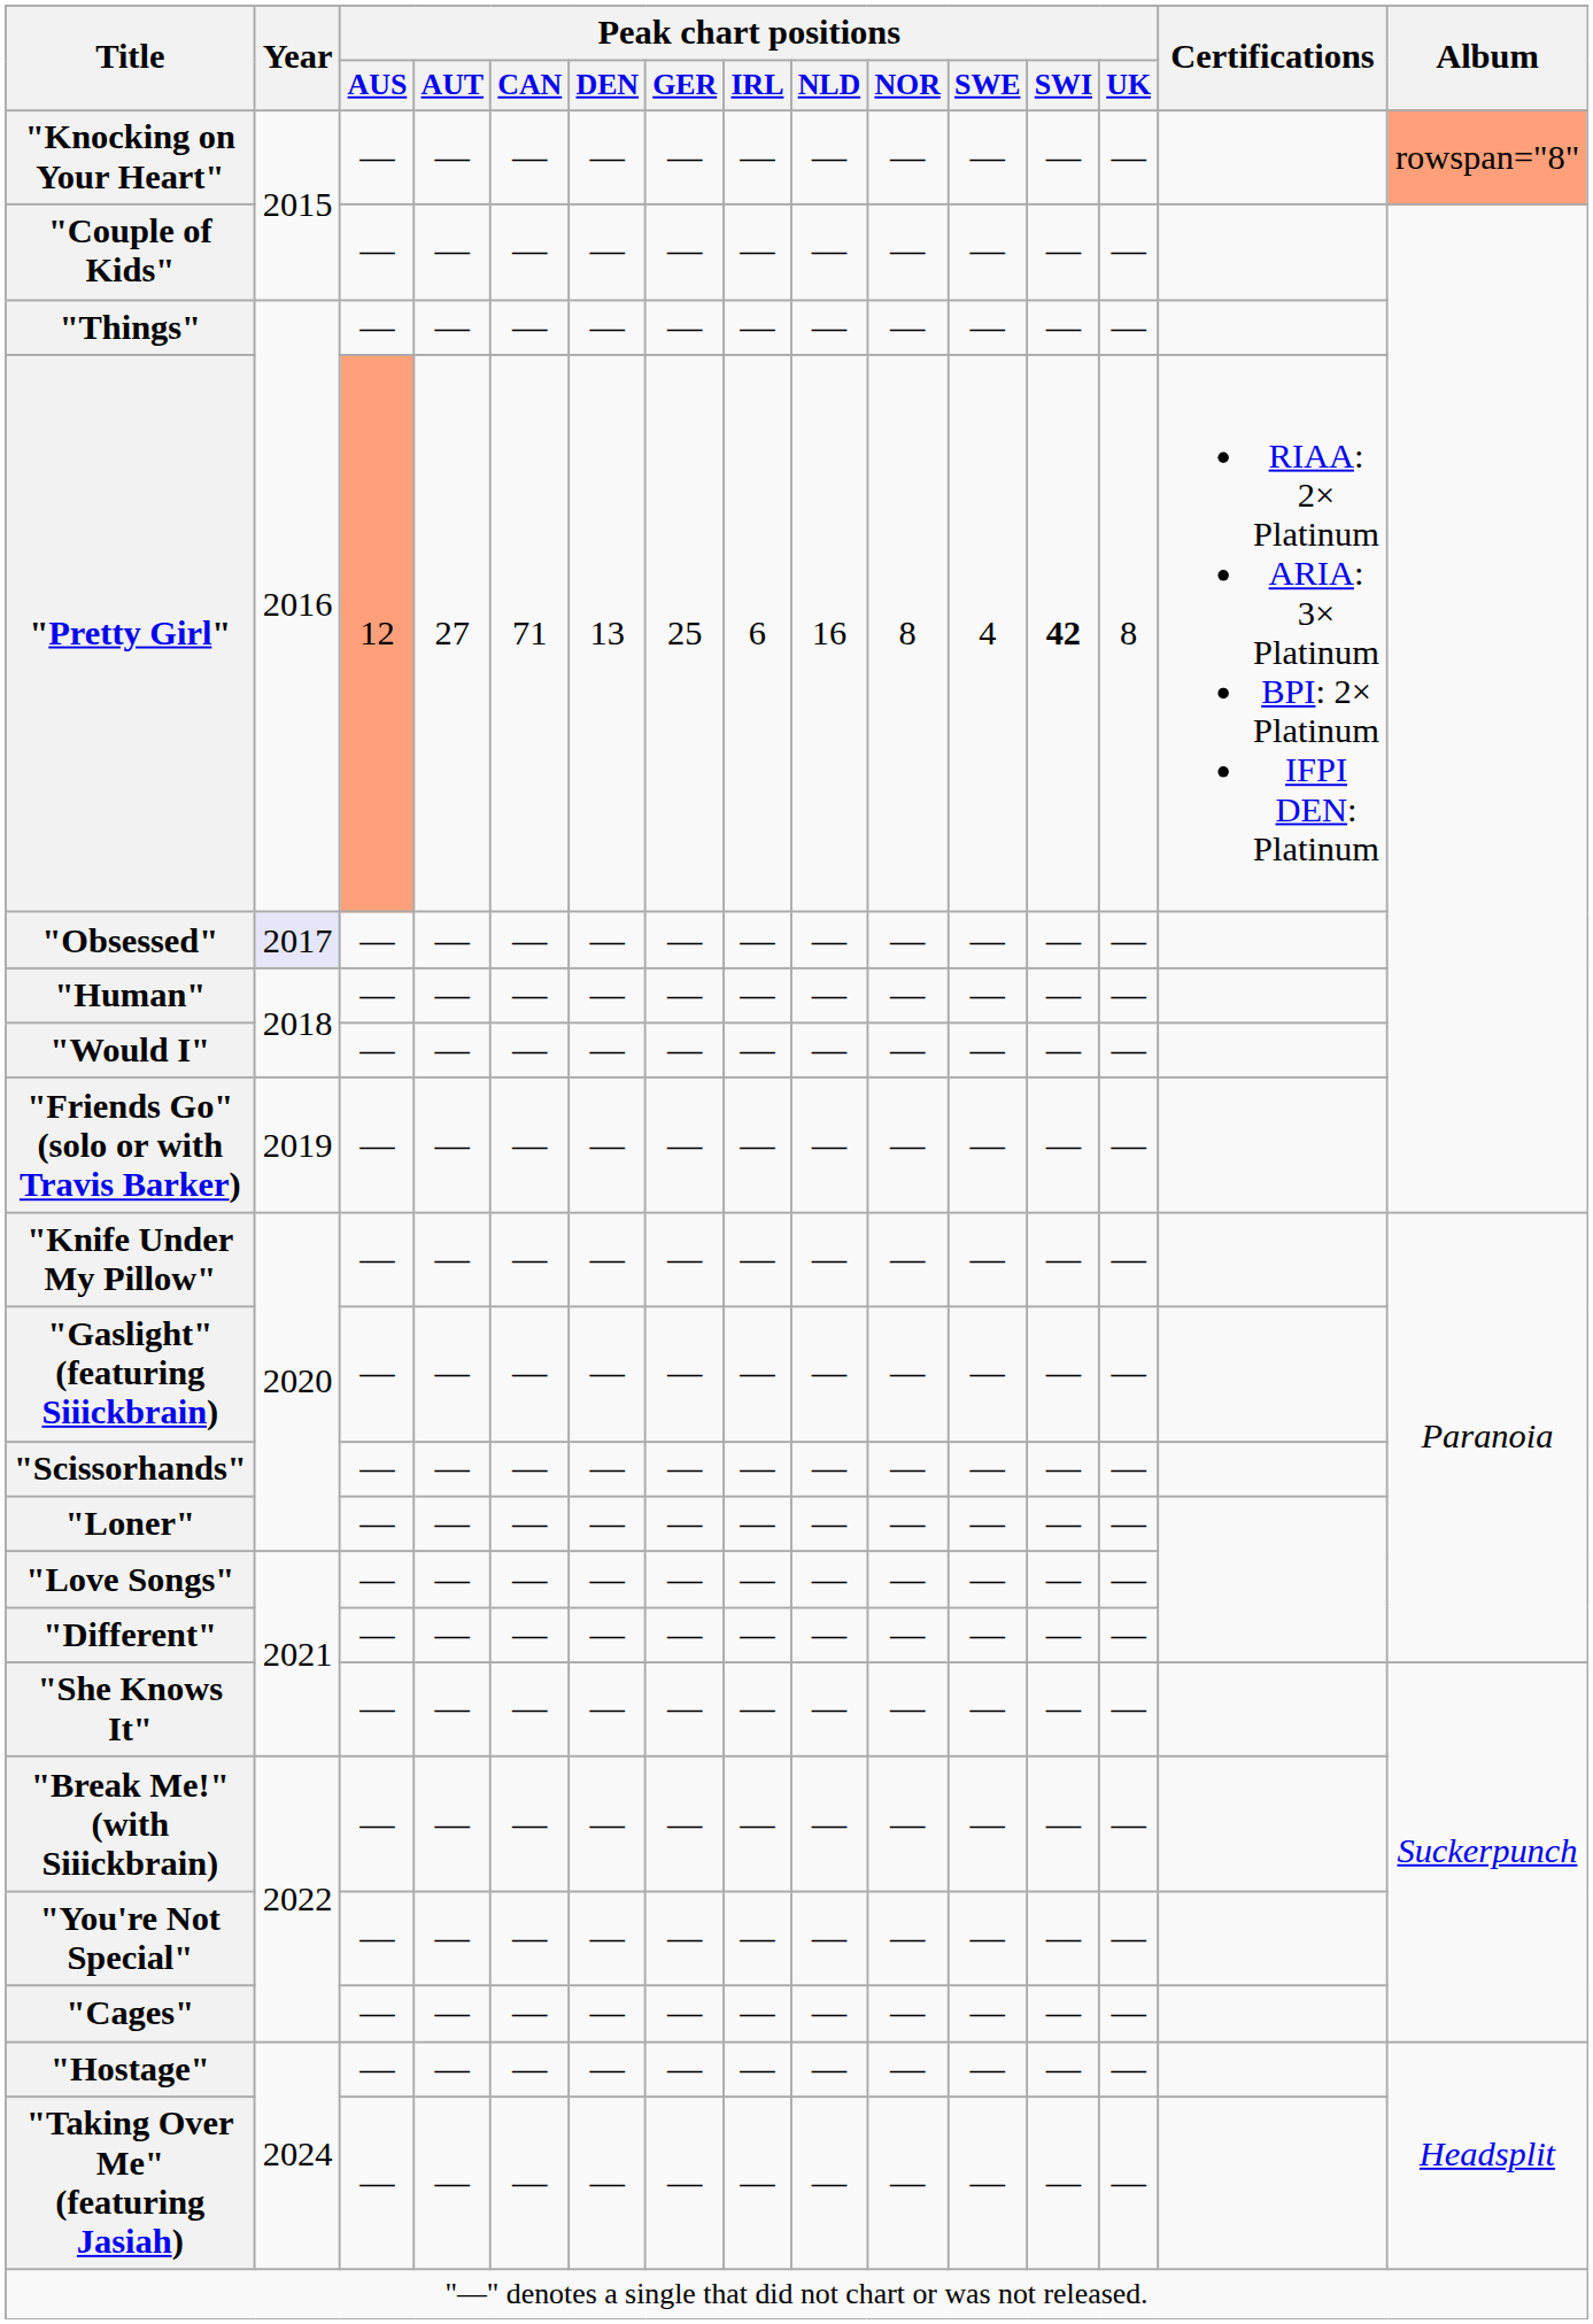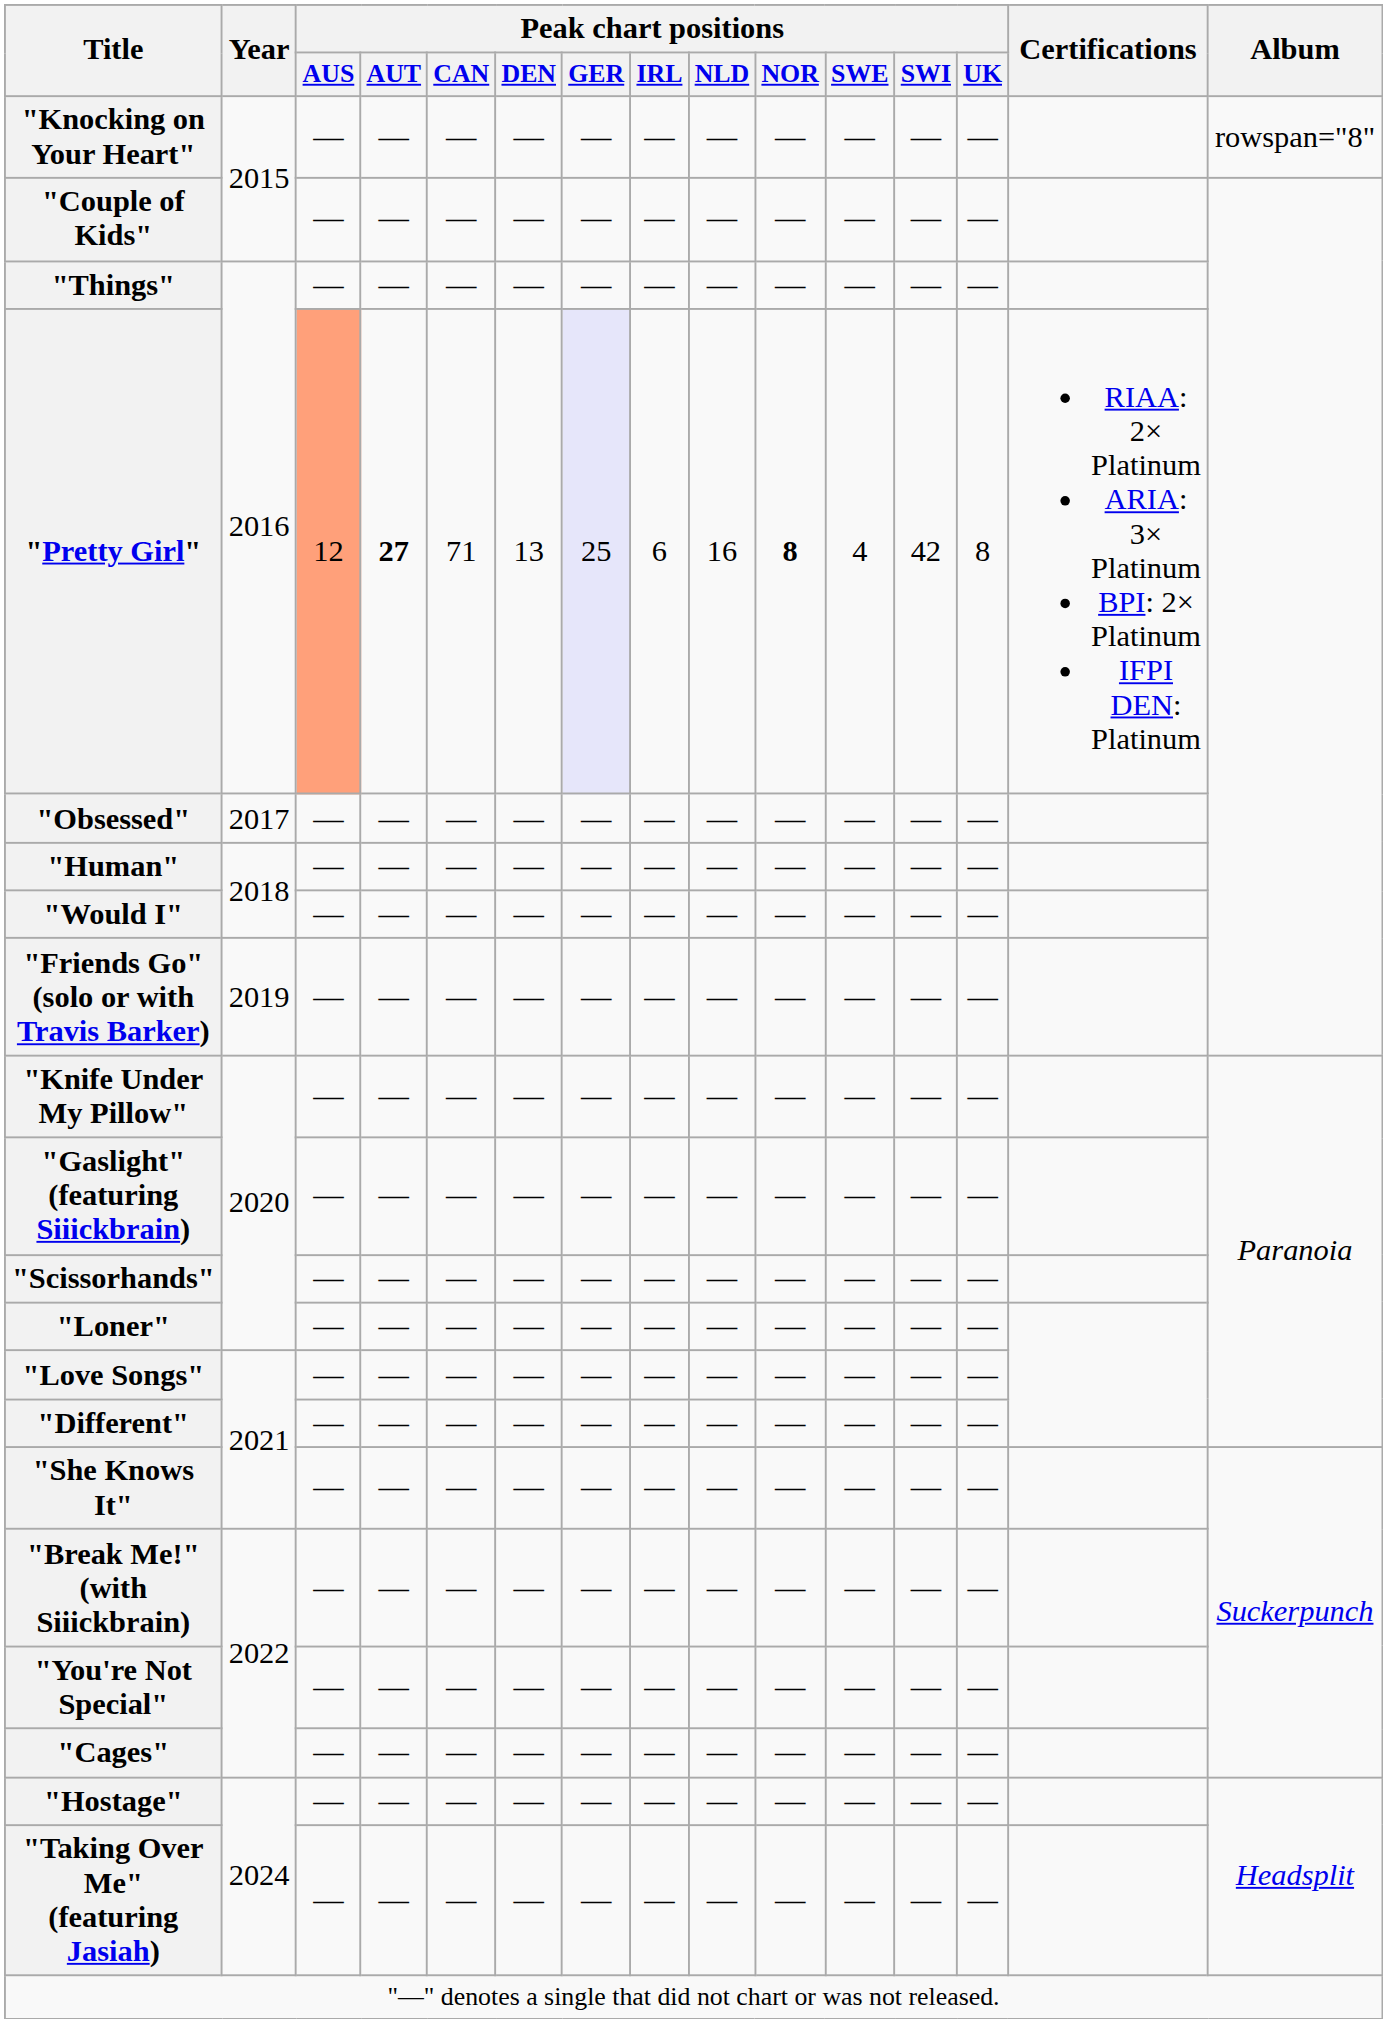 <table class="wikitable plainrowheaders" style="text-align:center;">
 <tr>
 <th scope="col" rowspan="2" style="width:13em;">Title</th>
 <th scope="col" rowspan="2" style="width:1em;">Year</th>
 <th scope="col" colspan="11">Peak chart positions</th>
 <th scope="col" rowspan="2">Certifications</th>
 <th scope="col" rowspan="2">Album</th>
 </tr>
 <tr>
 <th scope="col" style="width:3em;font-size:85%;"><a href='#'>AUS</a><br></th>
 <th scope="col" style="width:3em;font-size:85%;"><a href='#'>AUT</a><br></th>
 <th scope="col" style="width:3em;font-size:85%;"><a href='#'>CAN</a> <br></th>
 <th scope="col" style="width:3em;font-size:85%;"><a href='#'>DEN</a><br></th>
 <th scope="col" style="width:3em;font-size:85%;"><a href='#'>GER</a><br></th>
 <th scope="col" style="width:3em;font-size:85%;"><a href='#'>IRL</a><br></th>
 <th scope="col" style="width:3em;font-size:85%;"><a href='#'>NLD</a><br></th>
 <th scope="col" style="width:3em;font-size:85%;"><a href='#'>NOR</a><br></th>
 <th scope="col" style="width:3em;font-size:85%;"><a href='#'>SWE</a><br></th>
 <th scope="col" style="width:3em;font-size:85%;"><a href='#'>SWI</a><br></th>
 <th scope="col" style="width:3em;font-size:85%;"><a href='#'>UK</a><br></th>
 </tr>
 <tr>
 <th scope="row">"Knocking on Your Heart"</th>
 <td rowspan="2">2015</td>
 <td>—</td>
 <td>—</td>
 <td>—</td>
 <td>—</td>
 <td>—</td>
 <td>—</td>
 <td>—</td>
 <td>—</td>
 <td>—</td>
 <td>—</td>
 <td>—</td>
 <td></td>
-<td style="background: lightsalmon;">rowspan="8" </td>
+<td>rowspan="8" </td>
 </tr>
 <tr>
 <th scope="row">"Couple of Kids"</th>
 <td>—</td>
 <td>—</td>
 <td>—</td>
 <td>—</td>
 <td>—</td>
 <td>—</td>
 <td>—</td>
 <td>—</td>
 <td>—</td>
 <td>—</td>
 <td>—</td>
 <td></td>
 </tr>
 <tr>
 <th scope="row">"Things"</th>
 <td rowspan="2">2016</td>
 <td>—</td>
 <td>—</td>
 <td>—</td>
 <td>—</td>
 <td>—</td>
 <td>—</td>
 <td>—</td>
 <td>—</td>
 <td>—</td>
 <td>—</td>
 <td>—</td>
 <td></td>
 </tr>
 <tr>
 <th scope="row">"<a href='#'>Pretty Girl</a>"</th>
 <td style="background: lightsalmon;">12</td>
-<td>27</td>
+<td><strong>27</strong></td>
 <td>71</td>
 <td>13</td>
-<td>25</td>
+<td style="background: lavender;">25</td>
 <td>6</td>
 <td>16</td>
-<td>8</td>
+<td><strong>8</strong></td>
 <td>4</td>
-<td><strong>42</strong></td>
+<td>42</td>
 <td>8</td>
 <td><br><ul><li><a href='#'>RIAA</a>: 2× Platinum</li><li><a href='#'>ARIA</a>: 3× Platinum</li><li><a href='#'>BPI</a>: 2× Platinum</li><li><a href='#'>IFPI DEN</a>: Platinum</li></ul></td>
 </tr>
 <tr>
 <th scope="row">"Obsessed"</th>
-<td style="background: lavender;">2017</td>
+<td>2017</td>
 <td>—</td>
 <td>—</td>
 <td>—</td>
 <td>—</td>
 <td>—</td>
 <td>—</td>
 <td>—</td>
 <td>—</td>
 <td>—</td>
 <td>—</td>
 <td>—</td>
 <td></td>
 </tr>
 <tr>
 <th scope="row">"Human"</th>
 <td rowspan="2">2018</td>
 <td>—</td>
 <td>—</td>
 <td>—</td>
 <td>—</td>
 <td>—</td>
 <td>—</td>
 <td>—</td>
 <td>—</td>
 <td>—</td>
 <td>—</td>
 <td>—</td>
 <td></td>
 </tr>
 <tr>
 <th scope="row">"Would I"</th>
 <td>—</td>
 <td>—</td>
 <td>—</td>
 <td>—</td>
 <td>—</td>
 <td>—</td>
 <td>—</td>
 <td>—</td>
 <td>—</td>
 <td>—</td>
 <td>—</td>
 <td></td>
 </tr>
 <tr>
 <th scope="row">"Friends Go"<br> <span>(solo or with <a href='#'>Travis Barker</a>)</span></th>
 <td>2019</td>
 <td>—</td>
 <td>—</td>
 <td>—</td>
 <td>—</td>
 <td>—</td>
 <td>—</td>
 <td>—</td>
 <td>—</td>
 <td>—</td>
 <td>—</td>
 <td>—</td>
 <td></td>
 </tr>
 <tr>
 <th scope="row">"Knife Under My Pillow"</th>
 <td rowspan="4">2020</td>
 <td>—</td>
 <td>—</td>
 <td>—</td>
 <td>—</td>
 <td>—</td>
 <td>—</td>
 <td>—</td>
 <td>—</td>
 <td>—</td>
 <td>—</td>
 <td>—</td>
 <td></td>
 <td rowspan="6"><em>Paranoia</em></td>
 </tr>
 <tr>
 <th scope="row">"Gaslight"<br><span>(featuring <a href='#'>Siiickbrain</a>)</span></th>
 <td>—</td>
 <td>—</td>
 <td>—</td>
 <td>—</td>
 <td>—</td>
 <td>—</td>
 <td>—</td>
 <td>—</td>
 <td>—</td>
 <td>—</td>
 <td>—</td>
 <td></td>
 </tr>
 <tr>
 <th scope="row">"Scissorhands"</th>
 <td>—</td>
 <td>—</td>
 <td>—</td>
 <td>—</td>
 <td>—</td>
 <td>—</td>
 <td>—</td>
 <td>—</td>
 <td>—</td>
 <td>—</td>
 <td>—</td>
 <td></td>
 </tr>
 <tr>
 <th scope="row">"Loner"</th>
 <td>—</td>
 <td>—</td>
 <td>—</td>
 <td>—</td>
 <td>—</td>
 <td>—</td>
 <td>—</td>
 <td>—</td>
 <td>—</td>
 <td>—</td>
 <td>—</td>
 </tr>
 <tr>
 <th scope="row">"Love Songs"</th>
 <td rowspan="3">2021</td>
 <td>—</td>
 <td>—</td>
 <td>—</td>
 <td>—</td>
 <td>—</td>
 <td>—</td>
 <td>—</td>
 <td>—</td>
 <td>—</td>
 <td>—</td>
 <td>—</td>
 </tr>
 <tr>
 <th scope="row">"Different"</th>
 <td>—</td>
 <td>—</td>
 <td>—</td>
 <td>—</td>
 <td>—</td>
 <td>—</td>
 <td>—</td>
 <td>—</td>
 <td>—</td>
 <td>—</td>
 <td>—</td>
 </tr>
 <tr>
 <th scope="row">"She Knows It"</th>
 <td>—</td>
 <td>—</td>
 <td>—</td>
 <td>—</td>
 <td>—</td>
 <td>—</td>
 <td>—</td>
 <td>—</td>
 <td>—</td>
 <td>—</td>
 <td>—</td>
 <td></td>
 <td rowspan="4"><em><a href='#'>Suckerpunch</a></em></td>
 </tr>
 <tr>
 <th scope="row">"Break Me!"<br><span>(with Siiickbrain)</span></th>
 <td rowspan="3">2022</td>
 <td>—</td>
 <td>—</td>
 <td>—</td>
 <td>—</td>
 <td>—</td>
 <td>—</td>
 <td>—</td>
 <td>—</td>
 <td>—</td>
 <td>—</td>
 <td>—</td>
 <td></td>
 </tr>
 <tr>
 <th scope="row">"You're Not Special"</th>
 <td>—</td>
 <td>—</td>
 <td>—</td>
 <td>—</td>
 <td>—</td>
 <td>—</td>
 <td>—</td>
 <td>—</td>
 <td>—</td>
 <td>—</td>
 <td>—</td>
 <td></td>
 </tr>
 <tr>
 <th scope="row">"Cages"</th>
 <td>—</td>
 <td>—</td>
 <td>—</td>
 <td>—</td>
 <td>—</td>
 <td>—</td>
 <td>—</td>
 <td>—</td>
 <td>—</td>
 <td>—</td>
 <td>—</td>
 <td></td>
 </tr>
 <tr>
 <th scope="row">"Hostage"</th>
 <td rowspan="2">2024</td>
 <td>—</td>
 <td>—</td>
 <td>—</td>
 <td>—</td>
 <td>—</td>
 <td>—</td>
 <td>—</td>
 <td>—</td>
 <td>—</td>
 <td>—</td>
 <td>—</td>
 <td></td>
 <td rowspan="2"><em><a href='#'>Headsplit</a></em></td>
 </tr>
 <tr>
 <th scope="row">"Taking Over Me"<br><span>(featuring <a href='#'>Jasiah</a>)</span></th>
 <td>—</td>
 <td>—</td>
 <td>—</td>
 <td>—</td>
 <td>—</td>
 <td>—</td>
 <td>—</td>
 <td>—</td>
 <td>—</td>
 <td>—</td>
 <td>—</td>
 <td></td>
 </tr>
 <tr>
 <td colspan="21" style="font-size:85%;">"—" denotes a single that did not chart or was not released.</td>
 </tr>
 </table>
